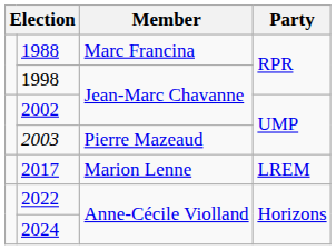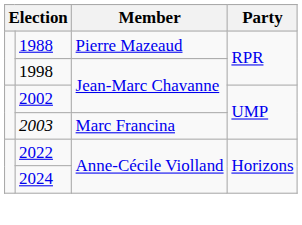 <table class="wikitable">
 <tr>
 <th colspan=2>Election</th>
 <th>Member</th>
 <th>Party</th>
 </tr>
 <tr>
 <td rowspan="2" style="background-color: "></td>
 <td><a href='#'>1988</a></td>
-<td><a href='#'>Marc Francina</a></td>
+<td><a href='#'>Pierre Mazeaud</a></td>
 <td rowspan="2"><a href='#'>RPR</a></td>
 </tr>
 <tr>
 <td>1998</td>
 <td rowspan="2"><a href='#'>Jean-Marc Chavanne</a></td>
 </tr>
 <tr>
 <td rowspan="2" style="background-color: "></td>
 <td><a href='#'>2002</a></td>
 <td rowspan="2"><a href='#'>UMP</a></td>
 </tr>
 <tr>
 <td><em>2003</em></td>
-<td><a href='#'>Pierre Mazeaud</a></td>
-</tr>
-<tr>
-<td style="background-color: "></td>
-<td><a href='#'>2017</a></td>
-<td><a href='#'>Marion Lenne</a></td>
-<td><a href='#'>LREM</a></td>
+<td><a href='#'>Marc Francina</a></td>
 </tr>
 <tr>
 <td rowspan="2" style="background-color: "></td>
 <td><a href='#'>2022</a></td>
 <td rowspan="2"><a href='#'>Anne-Cécile Violland</a></td>
 <td rowspan="2"><a href='#'>Horizons</a></td>
 </tr>
 <tr>
 <td><a href='#'>2024</a></td>
 </tr>
 </table>
